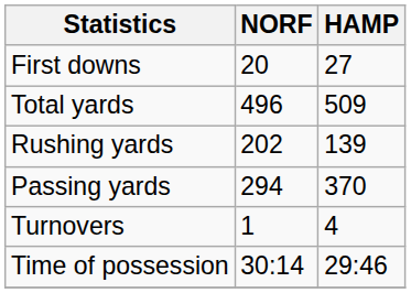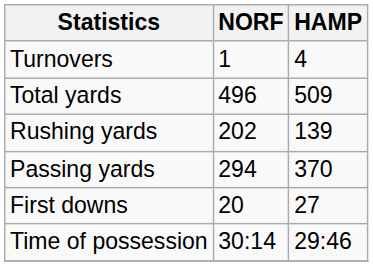 <table class="wikitable" style="float: left;">
 <tr>
 <th>Statistics</th>
 <th>NORF</th>
 <th>HAMP</th>
 </tr>
 <tr>
-<td>First downs</td>
-<td>20</td>
-<td>27</td>
+<td>Turnovers</td>
+<td>1</td>
+<td>4</td>
 </tr>
 <tr>
 <td>Total yards</td>
 <td>496</td>
 <td>509</td>
 </tr>
 <tr>
 <td>Rushing yards</td>
 <td>202</td>
 <td>139</td>
 </tr>
 <tr>
 <td>Passing yards</td>
 <td>294</td>
 <td>370</td>
 </tr>
 <tr>
-<td>Turnovers</td>
-<td>1</td>
-<td>4</td>
+<td>First downs</td>
+<td>20</td>
+<td>27</td>
 </tr>
 <tr>
 <td>Time of possession</td>
 <td>30:14</td>
 <td>29:46</td>
 </tr>
 <tr>
 </tr>
 </table>
